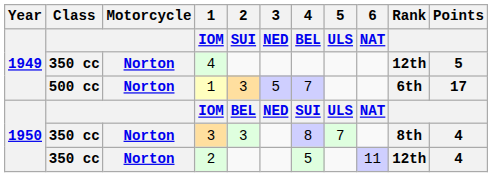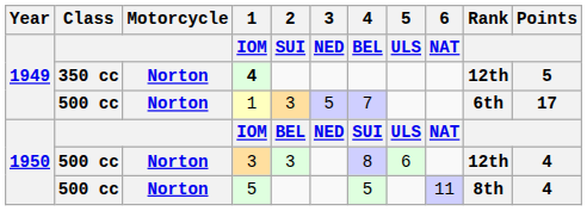 <table class="wikitable" style="text-align:center; font-size:90%">
 <tr>
 <th>Year</th>
 <th>Class</th>
 <th>Motorcycle</th>
 <th>1</th>
 <th>2</th>
 <th>3</th>
 <th>4</th>
 <th>5</th>
 <th>6</th>
 <th>Rank</th>
 <th>Points</th>
 </tr>
 <tr>
 <th rowspan=3><a href='#'>1949</a></th>
 <th colspan=2></th>
 <th><a href='#'>IOM</a></th>
 <th><a href='#'>SUI</a></th>
 <th><a href='#'>NED</a></th>
 <th><a href='#'>BEL</a></th>
 <th><a href='#'>ULS</a></th>
 <th><a href='#'>NAT</a></th>
 <th colspan=2></th>
 </tr>
 <tr>
 <th>350 cc</th>
 <th><a href='#'>Norton</a></th>
-<td style="background:#DFFFDF;">4</td>
+<td style="background:#DFFFDF;"><strong>4</strong></td>
 <td></td>
 <td></td>
 <td></td>
 <td></td>
 <td></td>
 <th>12th</th>
 <th>5</th>
 </tr>
 <tr>
 <th>500 cc</th>
 <th><a href='#'>Norton</a></th>
 <td style="background:#ffffbf;">1</td>
 <td style="background:#FFDF9F;">3</td>
 <td style="background:#cfcfff;">5</td>
 <td style="background:#cfcfff;">7</td>
 <td></td>
 <td></td>
 <th>6th</th>
 <th>17</th>
 </tr>
 <tr>
 <th rowspan=3><a href='#'>1950</a></th>
 <th colspan=2></th>
 <th><a href='#'>IOM</a></th>
 <th><a href='#'>BEL</a></th>
 <th><a href='#'>NED</a></th>
 <th><a href='#'>SUI</a></th>
 <th><a href='#'>ULS</a></th>
 <th><a href='#'>NAT</a></th>
 <th colspan=2></th>
 </tr>
 <tr>
-<th>350 cc</th>
+<th>500 cc</th>
 <th><a href='#'>Norton</a></th>
 <td style="background:#FFDF9F;">3</td>
 <td style="background:#DFFFDF;">3</td>
 <td></td>
 <td style="background:#cfcfff;">8</td>
-<td style="background:#DFFFDF;">7</td>
+<td style="background:#DFFFDF;">6</td>
 <td></td>
-<th>8th</th>
+<th>12th</th>
 <th>4</th>
 </tr>
 <tr>
-<th>350 cc</th>
+<th>500 cc</th>
 <th><a href='#'>Norton</a></th>
-<td style="background:#DFFFDF;">2</td>
+<td style="background:#DFFFDF;">5</td>
 <td></td>
 <td></td>
 <td style="background:#DFFFDF;">5</td>
 <td></td>
 <td style="background:#cfcfff;">11</td>
-<th>12th</th>
+<th>8th</th>
 <th>4</th>
 </tr>
 </table>
